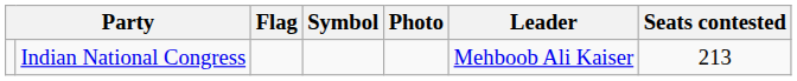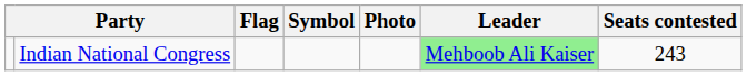 <table class="wikitable" style="text-align:center;">
 <tr>
 <th colspan="2">Party</th>
 <th>Flag</th>
 <th>Symbol</th>
 <th>Photo</th>
 <th>Leader</th>
 <th>Seats contested</th>
 </tr>
 <tr>
 <td></td>
 <td><a href='#'>Indian National Congress</a></td>
 <td></td>
 <td></td>
 <td></td>
-<td><a href='#'>Mehboob Ali Kaiser</a></td>
-<td>213</td>
+<td style="background: lightgreen;"><a href='#'>Mehboob Ali Kaiser</a></td>
+<td>243</td>
 </tr>
 </table>
